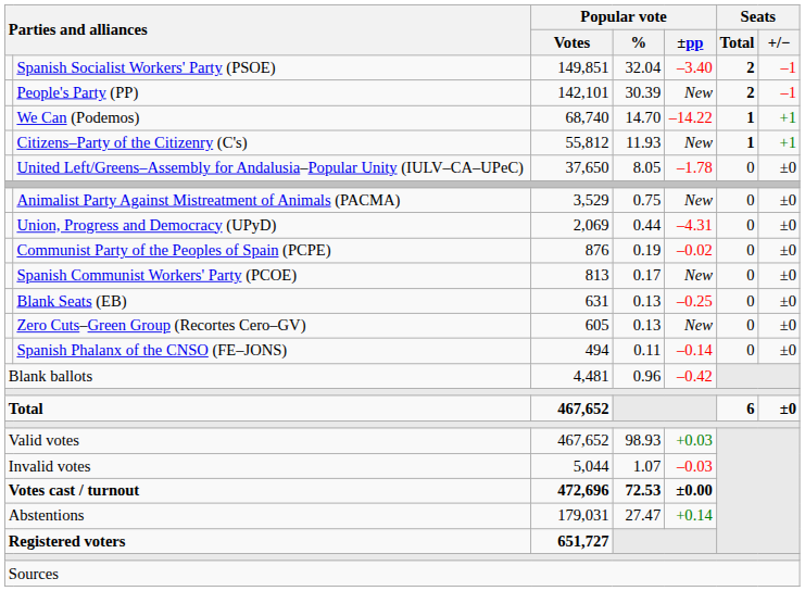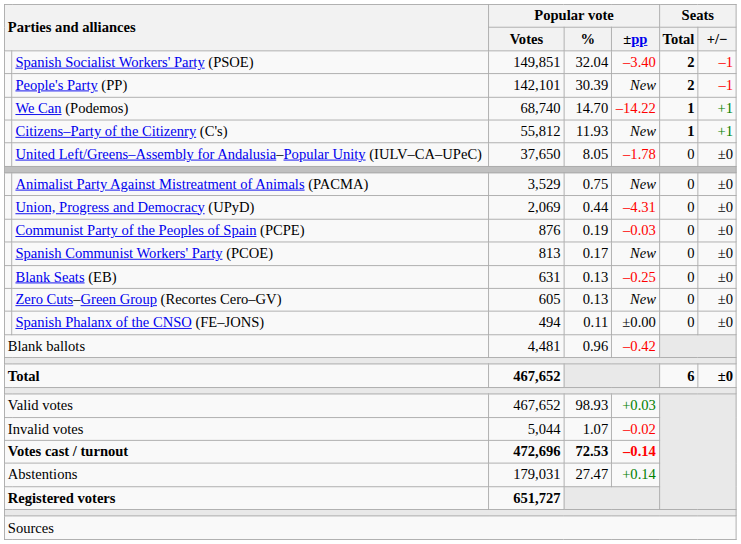 <table class="wikitable" style="text-align:right;">
 <tr>
 <th style="text-align:left;" rowspan="2" colspan="2" width="525">Parties and alliances</th>
 <th colspan="3">Popular vote</th>
 <th colspan="2">Seats</th>
 </tr>
 <tr>
 <th width="75">Votes</th>
 <th width="45">%</th>
 <th width="45">±<a href='#'>pp</a></th>
 <th width="35">Total</th>
 <th width="35">+/−</th>
 </tr>
 <tr>
 <td width="1" style="color:inherit;background:"></td>
 <td align="left"><a href='#'>Spanish Socialist Workers' Party</a> (PSOE)</td>
 <td>149,851</td>
 <td>32.04</td>
 <td style="color:red;">–3.40</td>
 <td><strong>2</strong></td>
 <td style="color:red;">–1</td>
 </tr>
 <tr>
 <td style="color:inherit;background:"></td>
 <td align="left"><a href='#'>People's Party</a> (PP)</td>
 <td>142,101</td>
 <td>30.39</td>
 <td><em>New</em></td>
 <td><strong>2</strong></td>
 <td style="color:red;">–1</td>
 </tr>
 <tr>
 <td style="color:inherit;background:"></td>
 <td align="left"><a href='#'>We Can</a> (Podemos)</td>
 <td>68,740</td>
 <td>14.70</td>
 <td style="color:red;">–14.22</td>
 <td><strong>1</strong></td>
 <td style="color:green;">+1</td>
 </tr>
 <tr>
 <td style="color:inherit;background:"></td>
 <td align="left"><a href='#'>Citizens–Party of the Citizenry</a> (C's)</td>
 <td>55,812</td>
 <td>11.93</td>
 <td><em>New</em></td>
 <td><strong>1</strong></td>
 <td style="color:green;">+1</td>
 </tr>
 <tr>
 <td style="color:inherit;background:"></td>
 <td align="left"><a href='#'>United Left/Greens–Assembly for Andalusia</a>–<a href='#'>Popular Unity</a> (IULV–CA–UPeC)</td>
 <td>37,650</td>
 <td>8.05</td>
 <td style="color:red;">–1.78</td>
 <td>0</td>
 <td>±0</td>
 </tr>
 <tr>
 <td colspan="7" bgcolor="#C0C0C0"></td>
 </tr>
 <tr>
 <td style="color:inherit;background:"></td>
 <td align="left"><a href='#'>Animalist Party Against Mistreatment of Animals</a> (PACMA)</td>
 <td>3,529</td>
 <td>0.75</td>
 <td><em>New</em></td>
 <td>0</td>
 <td>±0</td>
 </tr>
 <tr>
 <td style="color:inherit;background:"></td>
 <td align="left"><a href='#'>Union, Progress and Democracy</a> (UPyD)</td>
 <td>2,069</td>
 <td>0.44</td>
 <td style="color:red;">–4.31</td>
 <td>0</td>
 <td>±0</td>
 </tr>
 <tr>
 <td style="color:inherit;background:"></td>
 <td align="left"><a href='#'>Communist Party of the Peoples of Spain</a> (PCPE)</td>
 <td>876</td>
 <td>0.19</td>
-<td style="color:red;">–0.02</td>
+<td style="color:red;">–0.03</td>
 <td>0</td>
 <td>±0</td>
 </tr>
 <tr>
 <td style="color:inherit;background:"></td>
 <td align="left"><a href='#'>Spanish Communist Workers' Party</a> (PCOE)</td>
 <td>813</td>
 <td>0.17</td>
 <td><em>New</em></td>
 <td>0</td>
 <td>±0</td>
 </tr>
 <tr>
 <td style="color:inherit;background:"></td>
 <td align="left"><a href='#'>Blank Seats</a> (EB)</td>
 <td>631</td>
 <td>0.13</td>
 <td style="color:red;">–0.25</td>
 <td>0</td>
 <td>±0</td>
 </tr>
 <tr>
 <td style="color:inherit;background:"></td>
 <td align="left"><a href='#'>Zero Cuts</a>–<a href='#'>Green Group</a> (Recortes Cero–GV)</td>
 <td>605</td>
 <td>0.13</td>
 <td><em>New</em></td>
 <td>0</td>
 <td>±0</td>
 </tr>
 <tr>
 <td style="color:inherit;background:"></td>
 <td align="left"><a href='#'>Spanish Phalanx of the CNSO</a> (FE–JONS)</td>
 <td>494</td>
 <td>0.11</td>
-<td style="color:red;">–0.14</td>
+<td>±0.00</td>
 <td>0</td>
 <td>±0</td>
 </tr>
 <tr>
 <td align="left" colspan="2">Blank ballots</td>
 <td>4,481</td>
 <td>0.96</td>
 <td style="color:red;">–0.42</td>
 <td bgcolor="#E9E9E9" colspan="2"></td>
 </tr>
 <tr>
 <td colspan="7" bgcolor="#E9E9E9"></td>
 </tr>
 <tr style="font-weight:bold;">
 <td align="left" colspan="2">Total</td>
 <td>467,652</td>
 <td bgcolor="#E9E9E9" colspan="2"></td>
 <td>6</td>
 <td>±0</td>
 </tr>
 <tr>
 <td colspan="7" bgcolor="#E9E9E9"></td>
 </tr>
 <tr>
 <td align="left" colspan="2">Valid votes</td>
 <td>467,652</td>
 <td>98.93</td>
 <td style="color:green;">+0.03</td>
 <td bgcolor="#E9E9E9" colspan="2" rowspan="5"></td>
 </tr>
 <tr>
 <td align="left" colspan="2">Invalid votes</td>
 <td>5,044</td>
 <td>1.07</td>
-<td style="color:red;">–0.03</td>
+<td style="color:red;">–0.02</td>
 </tr>
 <tr style="font-weight:bold;">
 <td align="left" colspan="2">Votes cast / turnout</td>
 <td>472,696</td>
 <td>72.53</td>
-<td>±0.00</td>
+<td style="color:red;">–0.14</td>
 </tr>
 <tr>
 <td align="left" colspan="2">Abstentions</td>
 <td>179,031</td>
 <td>27.47</td>
 <td style="color:green;">+0.14</td>
 </tr>
 <tr style="font-weight:bold;">
 <td align="left" colspan="2">Registered voters</td>
 <td>651,727</td>
 <td bgcolor="#E9E9E9" colspan="2"></td>
 </tr>
 <tr>
 <td colspan="7" bgcolor="#E9E9E9"></td>
 </tr>
 <tr>
 <td align="left" colspan="7">Sources</td>
 </tr>
 </table>
